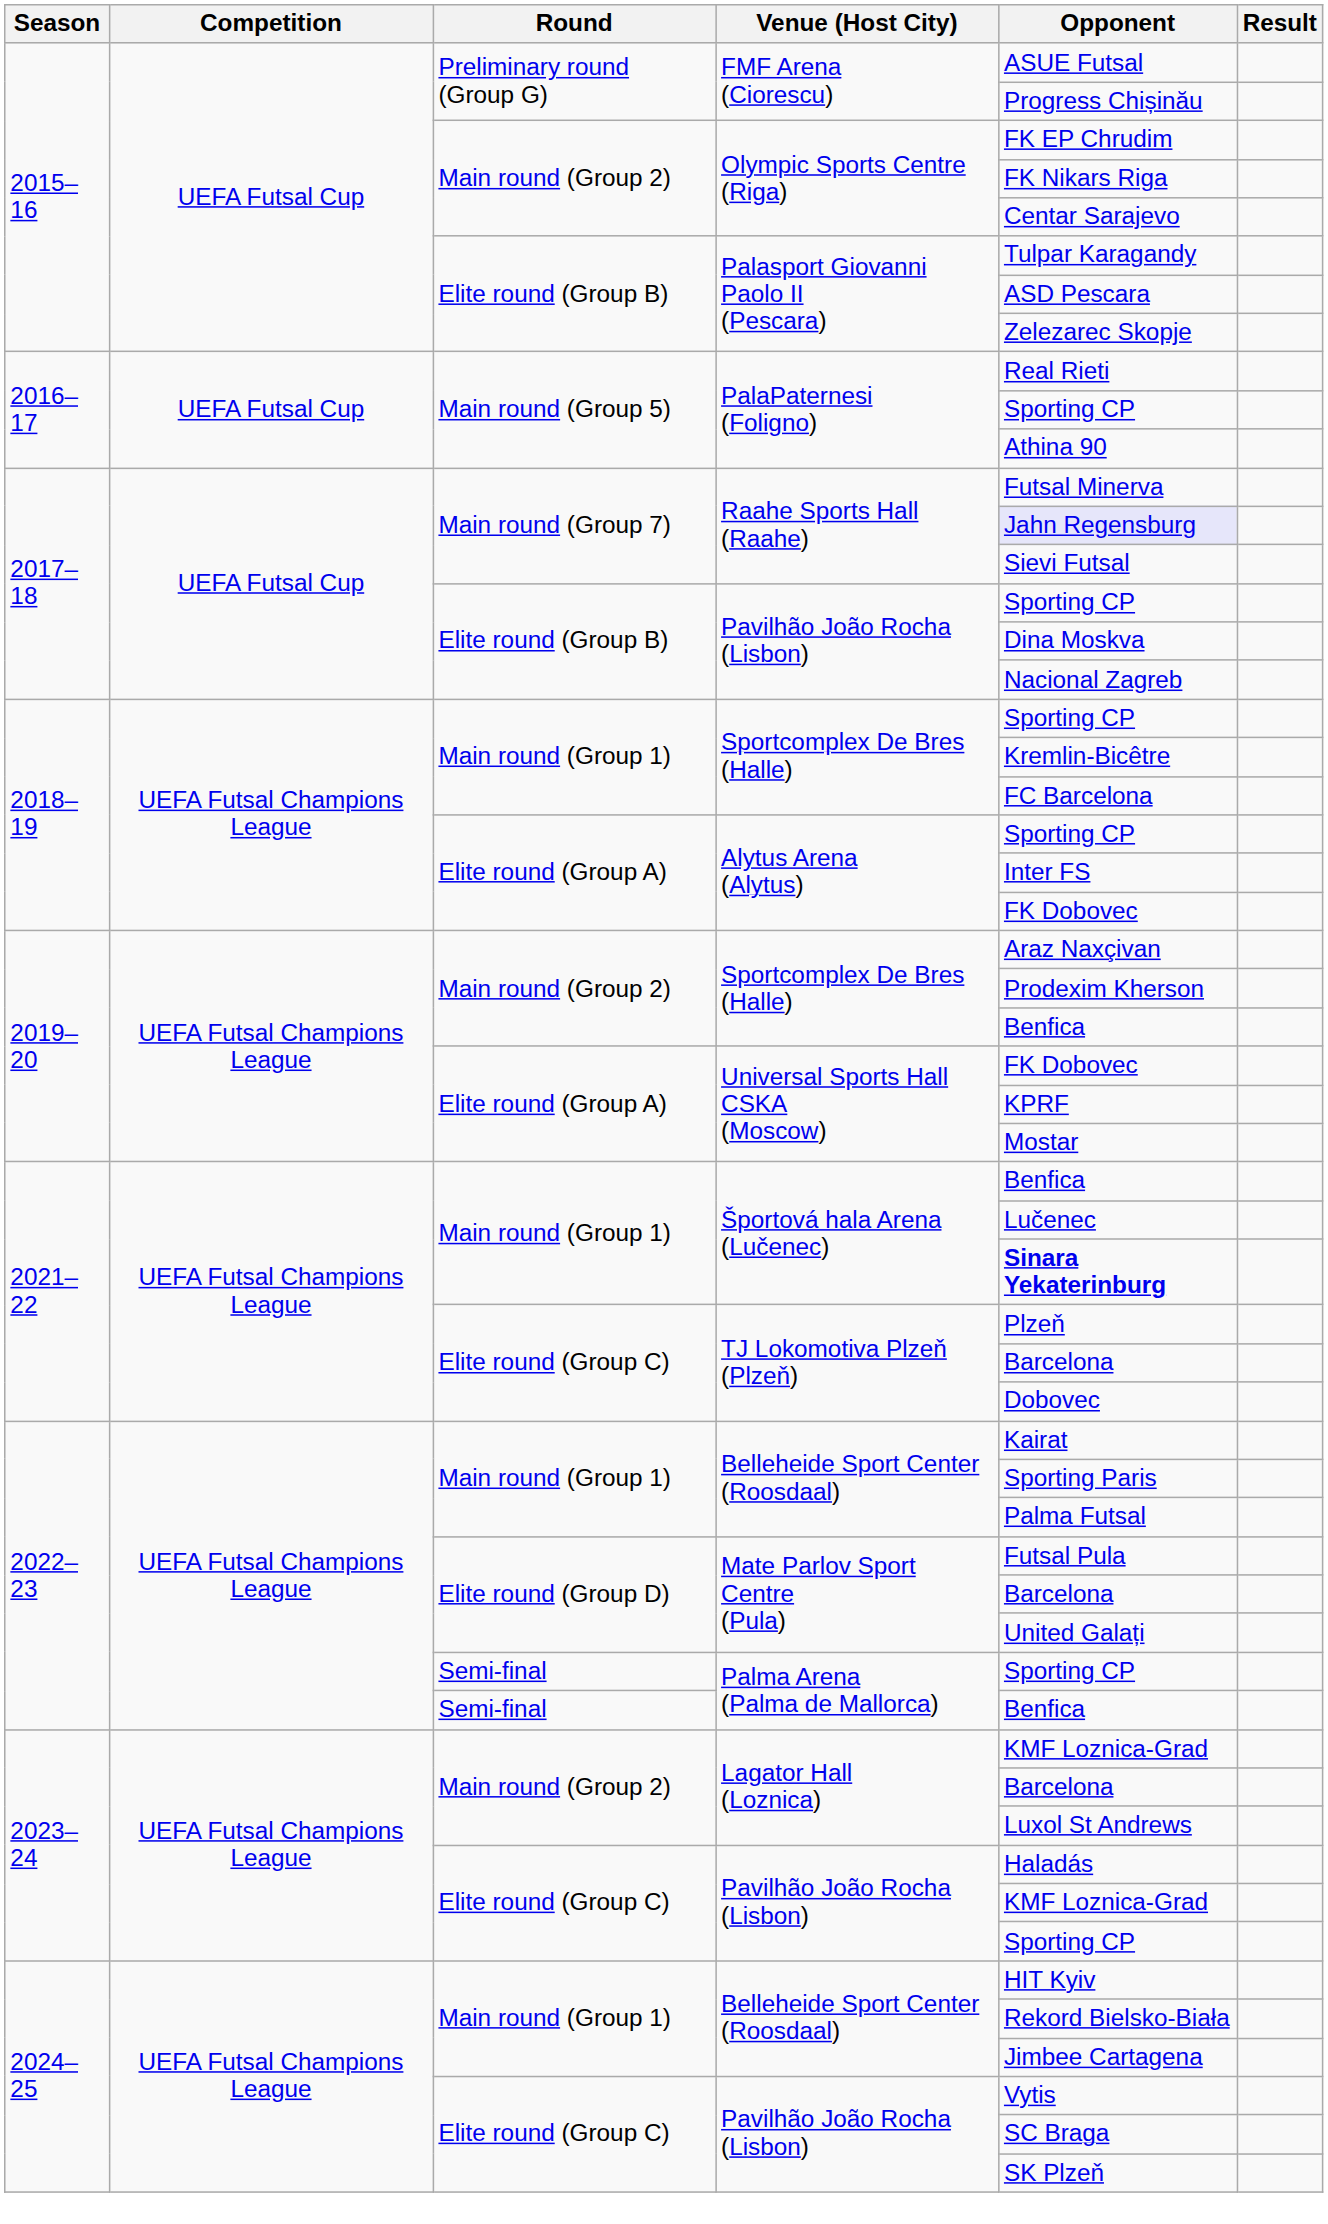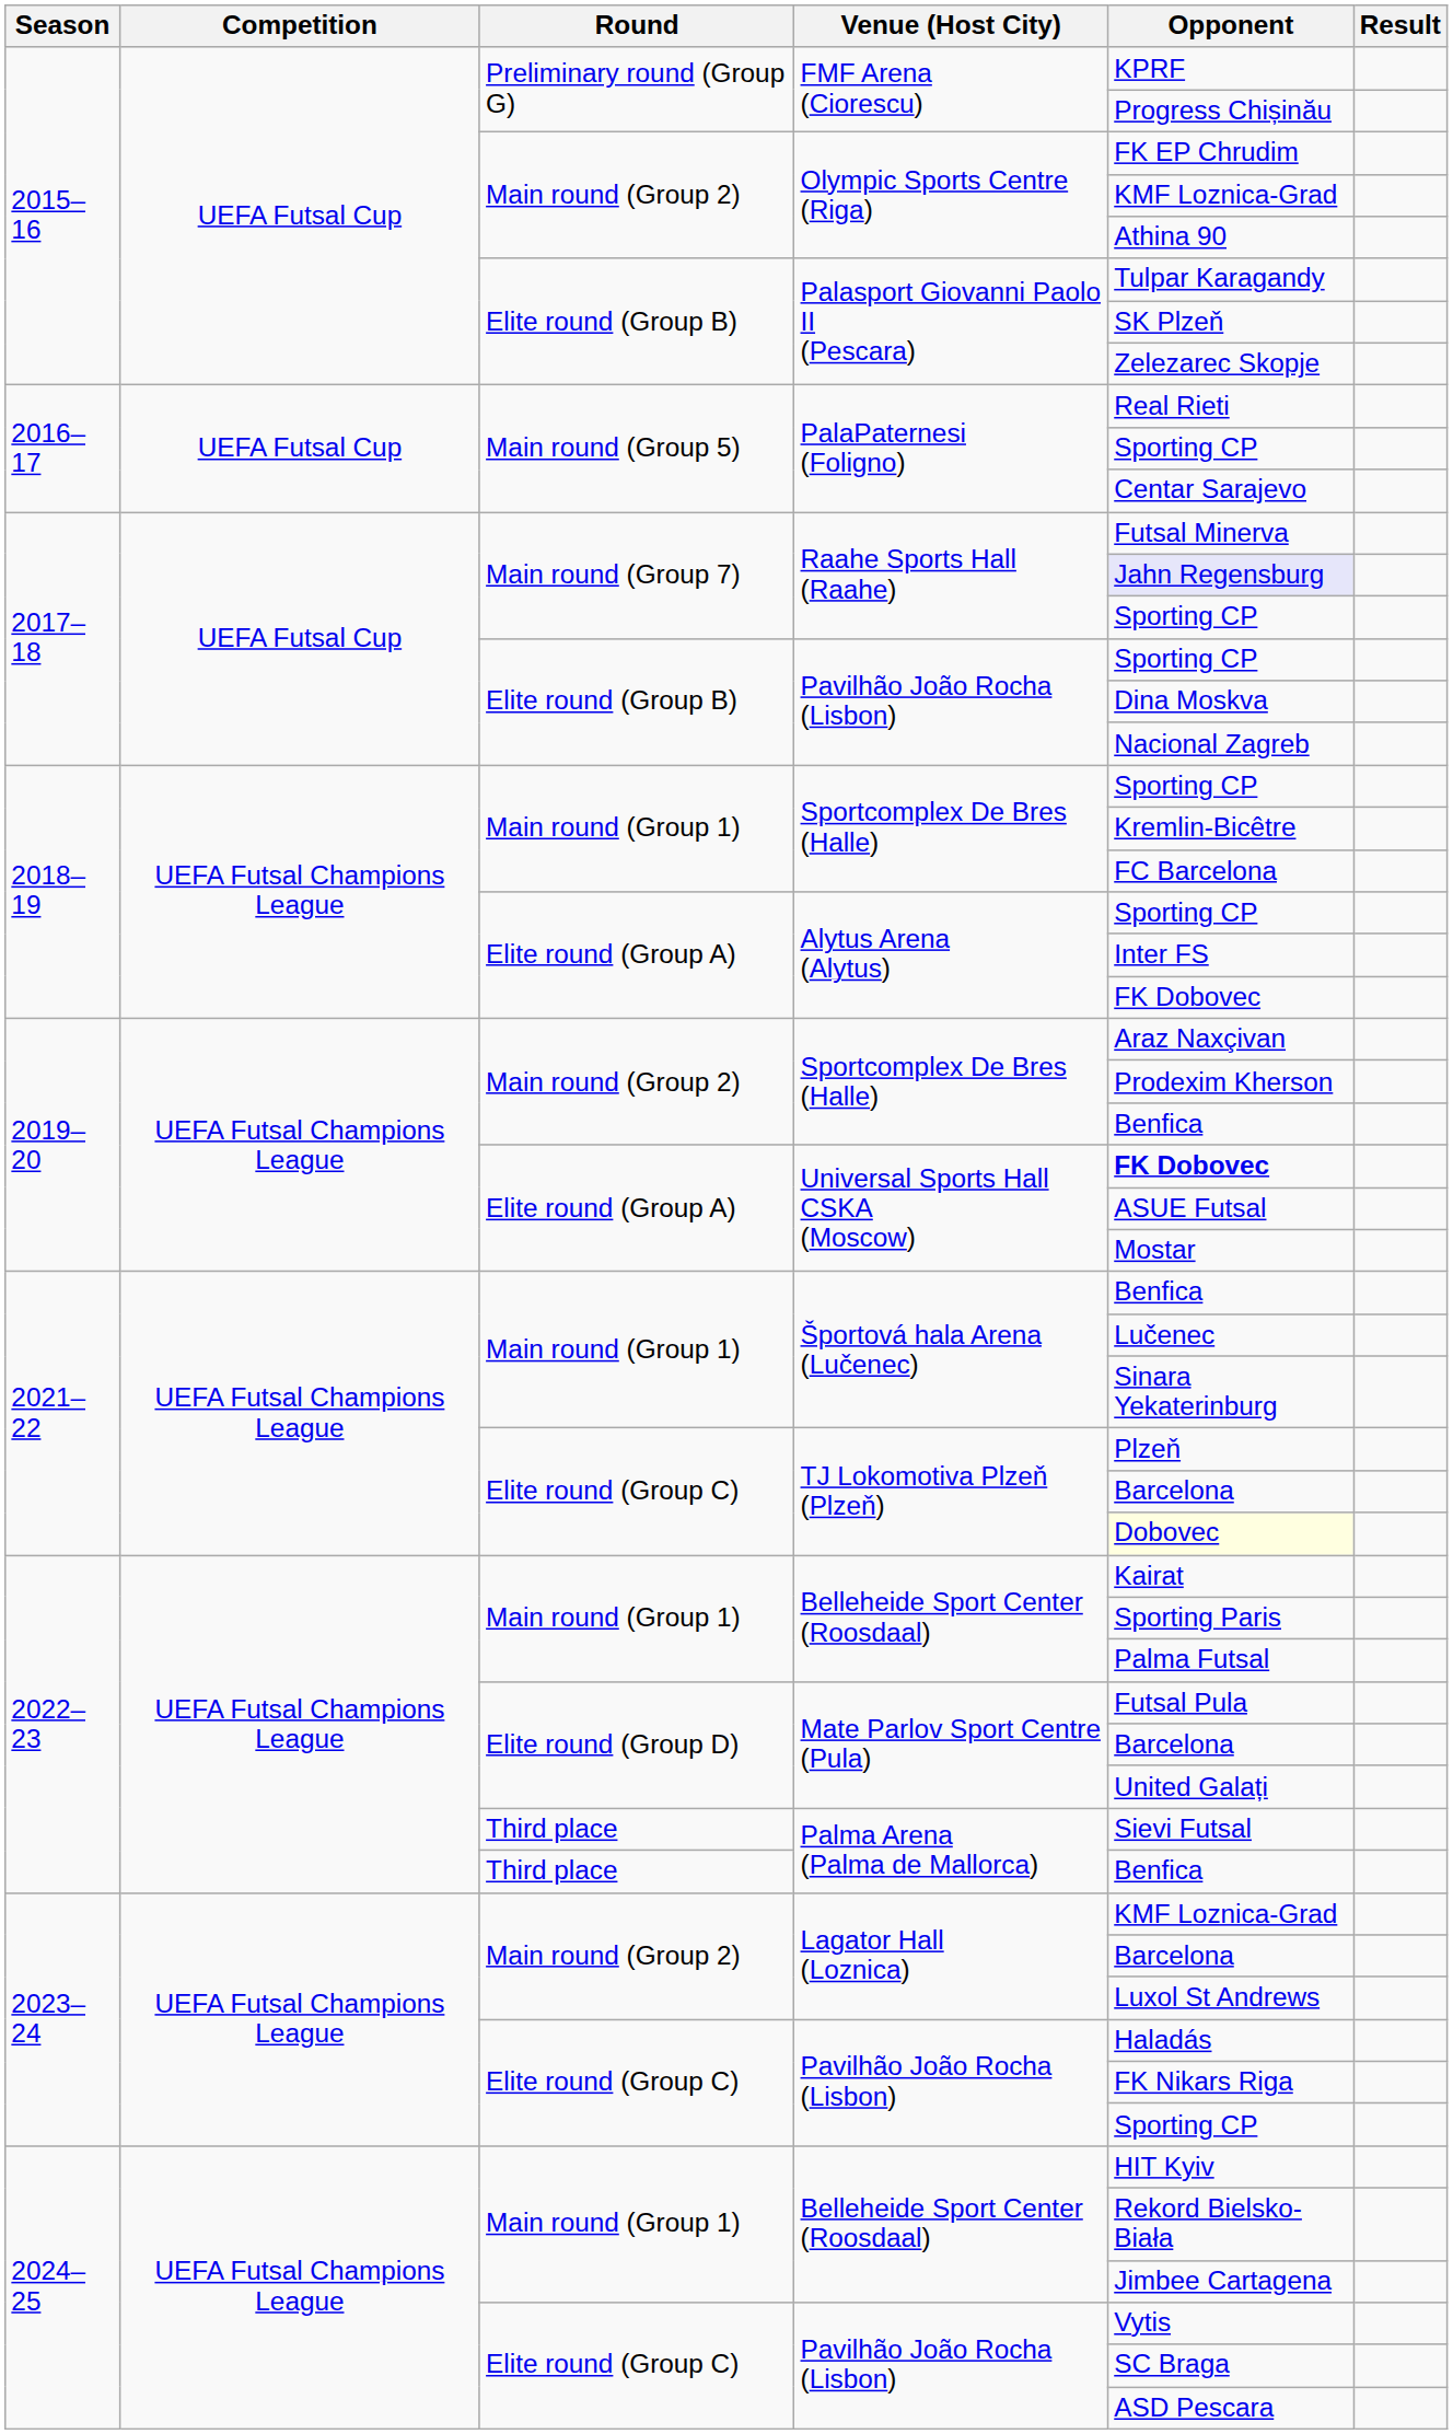 <table class="wikitable">
 <tr>
 <th>Season</th>
 <th>Competition</th>
 <th>Round</th>
 <th>Venue (Host City)</th>
 <th>Opponent</th>
 <th>Result</th>
 </tr>
 <tr>
 <td rowspan=8><a href='#'>2015–16</a></td>
 <td rowspan=8 align=center><a href='#'>UEFA Futsal Cup</a></td>
 <td rowspan=2><a href='#'>Preliminary round</a> (Group G)</td>
 <td rowspan=2><a href='#'>FMF Arena</a><br>(<a href='#'>Ciorescu</a>)</td>
-<td> <a href='#'>ASUE Futsal</a></td>
+<td> <a href='#'>KPRF</a></td>
 <td></td>
 </tr>
 <tr>
 <td> <a href='#'>Progress Chișinău</a></td>
 <td></td>
 </tr>
 <tr>
 <td rowspan=3><a href='#'>Main round</a> (Group 2)</td>
 <td rowspan=3><a href='#'>Olympic Sports Centre</a><br>(<a href='#'>Riga</a>)</td>
 <td> <a href='#'>FK EP Chrudim</a></td>
 <td></td>
 </tr>
 <tr>
-<td> <a href='#'>FK Nikars Riga</a></td>
+<td> <a href='#'>KMF Loznica-Grad</a></td>
 <td></td>
 </tr>
 <tr>
-<td> <a href='#'>Centar Sarajevo</a></td>
+<td> <a href='#'>Athina 90</a></td>
 <td></td>
 </tr>
 <tr>
 <td rowspan=3><a href='#'>Elite round</a> (Group B)</td>
 <td rowspan=3><a href='#'>Palasport Giovanni Paolo II</a><br>(<a href='#'>Pescara</a>)</td>
 <td> <a href='#'>Tulpar Karagandy</a></td>
 <td></td>
 </tr>
 <tr>
-<td> <a href='#'>ASD Pescara</a></td>
+<td> <a href='#'>SK Plzeň</a></td>
 <td></td>
 </tr>
 <tr>
 <td> <a href='#'>Zelezarec Skopje</a></td>
 <td></td>
 </tr>
 <tr>
 <td rowspan=3><a href='#'>2016–17</a></td>
 <td rowspan=3 align=center><a href='#'>UEFA Futsal Cup</a></td>
 <td rowspan=3><a href='#'>Main round</a> (Group 5)</td>
 <td rowspan=3><a href='#'>PalaPaternesi</a><br>(<a href='#'>Foligno</a>)</td>
 <td> <a href='#'>Real Rieti</a></td>
 <td></td>
 </tr>
 <tr>
 <td> <a href='#'>Sporting CP</a></td>
 <td></td>
 </tr>
 <tr>
-<td> <a href='#'>Athina 90</a></td>
+<td> <a href='#'>Centar Sarajevo</a></td>
 <td></td>
 </tr>
 <tr>
 <td rowspan=6><a href='#'>2017–18</a></td>
 <td rowspan=6 align=center><a href='#'>UEFA Futsal Cup</a></td>
 <td rowspan=3><a href='#'>Main round</a> (Group 7)</td>
 <td rowspan=3><a href='#'>Raahe Sports Hall</a><br>(<a href='#'>Raahe</a>)</td>
 <td> <a href='#'>Futsal Minerva</a></td>
 <td></td>
 </tr>
 <tr>
 <td style="background: lavender;"> <a href='#'>Jahn Regensburg</a></td>
 <td></td>
 </tr>
 <tr>
-<td> <a href='#'>Sievi Futsal</a></td>
+<td> <a href='#'>Sporting CP</a></td>
 <td></td>
 </tr>
 <tr>
 <td rowspan=3><a href='#'>Elite round</a> (Group B)</td>
 <td rowspan=3><a href='#'>Pavilhão João Rocha</a><br>(<a href='#'>Lisbon</a>)</td>
 <td> <a href='#'>Sporting CP</a></td>
 <td></td>
 </tr>
 <tr>
 <td> <a href='#'>Dina Moskva</a></td>
 <td></td>
 </tr>
 <tr>
 <td> <a href='#'>Nacional Zagreb</a></td>
 <td></td>
 </tr>
 <tr>
 <td rowspan=6><a href='#'>2018–19</a></td>
 <td rowspan=6 align=center><a href='#'>UEFA Futsal Champions League</a></td>
 <td rowspan=3><a href='#'>Main round</a> (Group 1)</td>
 <td rowspan=3><a href='#'>Sportcomplex De Bres</a><br>(<a href='#'>Halle</a>)</td>
 <td> <a href='#'>Sporting CP</a></td>
 <td></td>
 </tr>
 <tr>
 <td> <a href='#'>Kremlin-Bicêtre</a></td>
 <td></td>
 </tr>
 <tr>
 <td> <a href='#'>FC Barcelona</a></td>
 <td></td>
 </tr>
 <tr>
 <td rowspan=3><a href='#'>Elite round</a> (Group A)</td>
 <td rowspan=3><a href='#'>Alytus Arena</a><br>(<a href='#'>Alytus</a>)</td>
 <td> <a href='#'>Sporting CP</a></td>
 <td></td>
 </tr>
 <tr>
 <td> <a href='#'>Inter FS</a></td>
 <td></td>
 </tr>
 <tr>
 <td> <a href='#'>FK Dobovec</a></td>
 <td></td>
 </tr>
 <tr>
 <td rowspan=6><a href='#'>2019–20</a></td>
 <td rowspan=6 align=center><a href='#'>UEFA Futsal Champions League</a></td>
 <td rowspan=3><a href='#'>Main round</a> (Group 2)</td>
 <td rowspan=3><a href='#'>Sportcomplex De Bres</a><br>(<a href='#'>Halle</a>)</td>
 <td> <a href='#'>Araz Naxçivan</a></td>
 <td></td>
 </tr>
 <tr>
 <td> <a href='#'>Prodexim Kherson</a></td>
 <td></td>
 </tr>
 <tr>
 <td> <a href='#'>Benfica</a></td>
 <td></td>
 </tr>
 <tr>
 <td rowspan=3><a href='#'>Elite round</a> (Group A)</td>
 <td rowspan=3><a href='#'>Universal Sports Hall CSKA</a><br>(<a href='#'>Moscow</a>)</td>
-<td> <a href='#'>FK Dobovec</a></td>
+<td><strong> <a href='#'>FK Dobovec</a></strong></td>
 <td></td>
 </tr>
 <tr>
-<td> <a href='#'>KPRF</a></td>
+<td> <a href='#'>ASUE Futsal</a></td>
 <td></td>
 </tr>
 <tr>
 <td> <a href='#'>Mostar</a></td>
 <td></td>
 </tr>
 <tr>
 <td rowspan=6><a href='#'>2021–22</a></td>
 <td rowspan=6 align=center><a href='#'>UEFA Futsal Champions League</a></td>
 <td rowspan=3><a href='#'>Main round</a> (Group 1)</td>
 <td rowspan=3><a href='#'>Športová hala Arena</a><br>(<a href='#'>Lučenec</a>)</td>
 <td> <a href='#'>Benfica</a></td>
 <td></td>
 </tr>
 <tr>
 <td> <a href='#'>Lučenec</a></td>
 <td></td>
 </tr>
 <tr>
-<td><strong> <a href='#'>Sinara Yekaterinburg</a></strong></td>
+<td> <a href='#'>Sinara Yekaterinburg</a></td>
 <td></td>
 </tr>
 <tr>
 <td rowspan=3><a href='#'>Elite round</a> (Group C)</td>
 <td rowspan=3><a href='#'>TJ Lokomotiva Plzeň</a><br>(<a href='#'>Plzeň</a>)</td>
 <td> <a href='#'>Plzeň</a></td>
 <td></td>
 </tr>
 <tr>
 <td> <a href='#'>Barcelona</a></td>
 <td></td>
 </tr>
 <tr>
-<td> <a href='#'>Dobovec</a></td>
+<td style="background: lightyellow;"> <a href='#'>Dobovec</a></td>
 <td></td>
 </tr>
 <tr>
 <td rowspan=8><a href='#'>2022–23</a></td>
 <td rowspan=8 align=center><a href='#'>UEFA Futsal Champions League</a></td>
 <td rowspan=3><a href='#'>Main round</a> (Group 1)</td>
 <td rowspan=3><a href='#'>Belleheide Sport Center</a><br>(<a href='#'>Roosdaal</a>)</td>
 <td> <a href='#'>Kairat</a></td>
 <td></td>
 </tr>
 <tr>
 <td> <a href='#'>Sporting Paris</a></td>
 <td></td>
 </tr>
 <tr>
 <td> <a href='#'>Palma Futsal</a></td>
 <td></td>
 </tr>
 <tr>
 <td rowspan=3><a href='#'>Elite round</a> (Group D)</td>
 <td rowspan=3><a href='#'>Mate Parlov Sport Centre</a><br>(<a href='#'>Pula</a>)</td>
 <td> <a href='#'>Futsal Pula</a></td>
 <td></td>
 </tr>
 <tr>
 <td> <a href='#'>Barcelona</a></td>
 <td></td>
 </tr>
 <tr>
 <td> <a href='#'>United Galați</a></td>
 <td></td>
 </tr>
 <tr>
-<td><a href='#'>Semi-final</a></td>
+<td><a href='#'>Third place</a></td>
 <td rowspan=2><a href='#'>Palma Arena</a><br>(<a href='#'>Palma de Mallorca</a>)</td>
-<td> <a href='#'>Sporting CP</a></td>
+<td> <a href='#'>Sievi Futsal</a></td>
 <td></td>
 </tr>
 <tr>
-<td><a href='#'>Semi-final</a></td>
+<td><a href='#'>Third place</a></td>
 <td> <a href='#'>Benfica</a></td>
 <td></td>
 </tr>
 <tr>
 <td rowspan=6><a href='#'>2023–24</a></td>
 <td rowspan=6 align=center><a href='#'>UEFA Futsal Champions League</a></td>
 <td rowspan=3><a href='#'>Main round</a> (Group 2)</td>
 <td rowspan=3><a href='#'>Lagator Hall</a><br>(<a href='#'>Loznica</a>)</td>
 <td> <a href='#'>KMF Loznica-Grad</a></td>
 <td></td>
 </tr>
 <tr>
 <td> <a href='#'>Barcelona</a></td>
 <td></td>
 </tr>
 <tr>
 <td> <a href='#'>Luxol St Andrews</a></td>
 <td></td>
 </tr>
 <tr>
 <td rowspan=3><a href='#'>Elite round</a> (Group C)</td>
 <td rowspan=3><a href='#'>Pavilhão João Rocha</a><br>(<a href='#'>Lisbon</a>)</td>
 <td> <a href='#'>Haladás</a></td>
 <td></td>
 </tr>
 <tr>
-<td> <a href='#'>KMF Loznica-Grad</a></td>
+<td> <a href='#'>FK Nikars Riga</a></td>
 <td></td>
 </tr>
 <tr>
 <td> <a href='#'>Sporting CP</a></td>
 <td></td>
 </tr>
 <tr>
 <td rowspan=6><a href='#'>2024–25</a></td>
 <td rowspan=6 align=center><a href='#'>UEFA Futsal Champions League</a></td>
 <td rowspan=3><a href='#'>Main round</a> (Group 1)</td>
 <td rowspan=3><a href='#'>Belleheide Sport Center</a><br>(<a href='#'>Roosdaal</a>)</td>
 <td> <a href='#'>HIT Kyiv</a></td>
 <td></td>
 </tr>
 <tr>
 <td> <a href='#'>Rekord Bielsko-Biała</a></td>
 <td></td>
 </tr>
 <tr>
 <td> <a href='#'>Jimbee Cartagena</a></td>
 <td></td>
 </tr>
 <tr>
 <td rowspan=3><a href='#'>Elite round</a> (Group C)</td>
 <td rowspan=3><a href='#'>Pavilhão João Rocha</a><br>(<a href='#'>Lisbon</a>)</td>
 <td> <a href='#'>Vytis</a></td>
 <td></td>
 </tr>
 <tr>
 <td> <a href='#'>SC Braga</a></td>
 <td></td>
 </tr>
 <tr>
-<td> <a href='#'>SK Plzeň</a></td>
+<td> <a href='#'>ASD Pescara</a></td>
 <td></td>
 </tr>
 </table>
